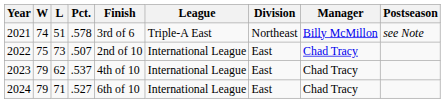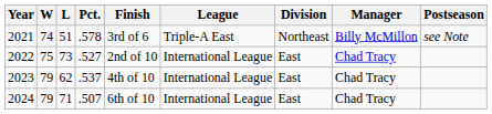 <table class="wikitable sortable">
 <tr>
 <th>Year</th>
 <th>W</th>
 <th>L</th>
 <th>Pct.</th>
 <th>Finish</th>
 <th>League</th>
 <th>Division</th>
 <th>Manager</th>
 <th>Postseason</th>
 </tr>
 <tr>
 <td>2021</td>
 <td>74</td>
 <td>51</td>
 <td>.578</td>
 <td>3rd of 6</td>
 <td>Triple-A East</td>
 <td>Northeast</td>
 <td><a href='#'>Billy McMillon</a></td>
 <td><em>see Note</em></td>
 </tr>
 <tr>
 <td>2022</td>
 <td>75</td>
 <td>73</td>
-<td>.507</td>
+<td>.527</td>
 <td>2nd of 10</td>
 <td>International League</td>
 <td>East</td>
 <td><a href='#'>Chad Tracy</a></td>
 <td></td>
 </tr>
 <tr>
 <td>2023</td>
 <td>79</td>
 <td>62</td>
 <td>.537</td>
 <td>4th of 10</td>
 <td>International League</td>
 <td>East</td>
 <td>Chad Tracy</td>
 <td></td>
 </tr>
 <tr>
 <td>2024</td>
 <td>79</td>
 <td>71</td>
-<td>.527</td>
+<td>.507</td>
 <td>6th of 10</td>
 <td>International League</td>
 <td>East</td>
 <td>Chad Tracy</td>
 <td></td>
 </tr>
 </table>
